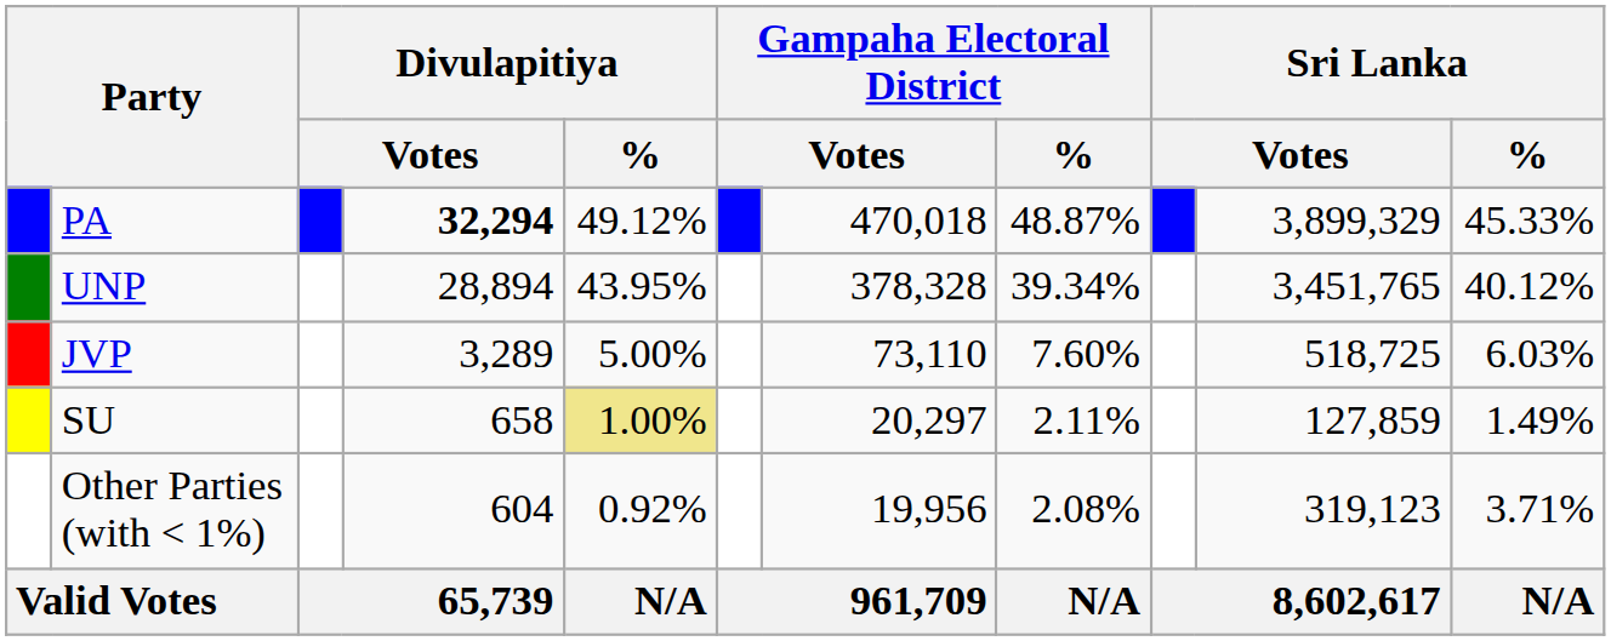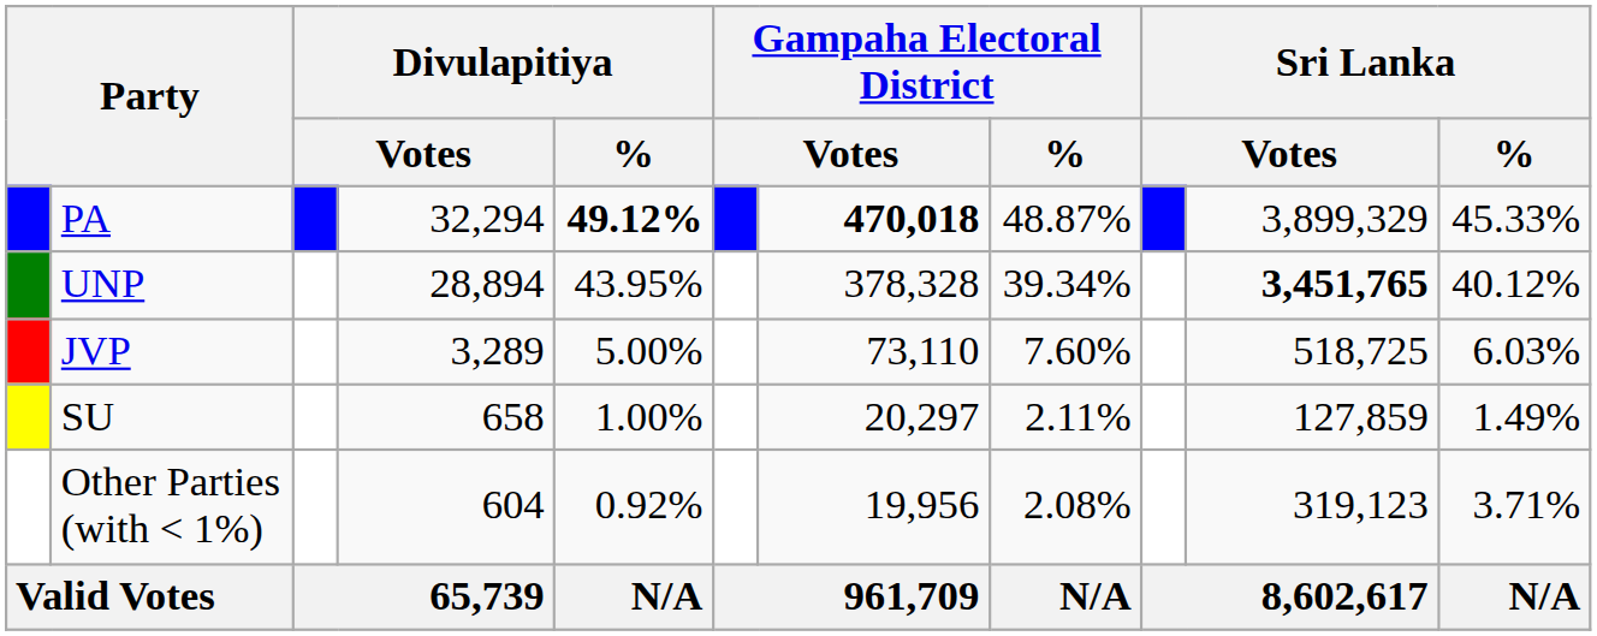 <table class="wikitable">
 <tr>
 <th colspan="2" width="144px"rowspan="2">Party</th>
 <th colspan="3" width="216px">Divulapitiya</th>
 <th colspan="3" width="216px"><a href='#'>Gampaha Electoral District</a></th>
 <th colspan="3" width="216px">Sri Lanka</th>
 </tr>
 <tr>
 <th colspan="2" width="144px">Votes</th>
 <th>%</th>
 <th colspan="2" width="144px">Votes</th>
 <th>%</th>
 <th colspan="2" width="144px">Votes</th>
 <th>%</th>
 </tr>
 <tr>
 <td style="background-color:blue;" width="10px"></td>
 <td style="text-align:left;"><a href='#'>PA</a></td>
 <td style="background-color:blue;" width="10px"></td>
-<td style="text-align:right;"><strong>32,294</strong></td>
-<td style="text-align:right;">49.12%</td>
+<td style="text-align:right;">32,294</td>
+<td style="text-align:right;"><strong>49.12%</strong></td>
 <td style="background-color:blue;" width="10px"></td>
-<td style="text-align:right;">470,018</td>
+<td style="text-align:right;"><strong>470,018</strong></td>
 <td style="text-align:right;">48.87%</td>
 <td style="background-color:blue;" width="10px"></td>
 <td style="text-align:right;">3,899,329</td>
 <td style="text-align:right;">45.33%</td>
 </tr>
 <tr>
 <td style="background-color:green;" width="10px"></td>
 <td style="text-align:left;"><a href='#'>UNP</a></td>
 <td style="background-color:white;" width="10px"></td>
 <td style="text-align:right;">28,894</td>
 <td style="text-align:right;">43.95%</td>
 <td style="background-color:white;" width="10px"></td>
 <td style="text-align:right;">378,328</td>
 <td style="text-align:right;">39.34%</td>
 <td style="background-color:white;" width="10px"></td>
-<td style="text-align:right;">3,451,765</td>
+<td style="text-align:right;"><strong>3,451,765</strong></td>
 <td style="text-align:right;">40.12%</td>
 </tr>
 <tr>
 <td style="background-color:red;" width="10px"></td>
 <td style="text-align:left;"><a href='#'>JVP</a></td>
 <td style="background-color:white;" width="10px"></td>
 <td style="text-align:right;">3,289</td>
 <td style="text-align:right;">5.00%</td>
 <td style="background-color:white;" width="10px"></td>
 <td style="text-align:right;">73,110</td>
 <td style="text-align:right;">7.60%</td>
 <td style="background-color:white;" width="10px"></td>
 <td style="text-align:right;">518,725</td>
 <td style="text-align:right;">6.03%</td>
 </tr>
 <tr>
 <td style="background-color:yellow;" width="10px"></td>
 <td style="text-align:left;">SU</td>
 <td style="background-color:white;" width="10px"></td>
 <td style="text-align:right;">658</td>
-<td style="background: khaki; text-align:right;">1.00%</td>
+<td style="text-align:right;">1.00%</td>
 <td style="background-color:white;" width="10px"></td>
 <td style="text-align:right;">20,297</td>
 <td style="text-align:right;">2.11%</td>
 <td style="background-color:white;" width="10px"></td>
 <td style="text-align:right;">127,859</td>
 <td style="text-align:right;">1.49%</td>
 </tr>
 <tr>
 <td style="background-color:white;" width="10px"></td>
 <td style="text-align:left;">Other Parties (with < 1%)</td>
 <td style="background-color:white;" width="10px"></td>
 <td style="text-align:right;">604</td>
 <td style="text-align:right;">0.92%</td>
 <td style="background-color:white;" width="10px"></td>
 <td style="text-align:right;">19,956</td>
 <td style="text-align:right;">2.08%</td>
 <td style="background-color:white;" width="10px"></td>
 <td style="text-align:right;">319,123</td>
 <td style="text-align:right;">3.71%</td>
 </tr>
 <tr>
 <th colspan="2" width="144px"style="text-align:left;">Valid Votes</th>
 <th style="text-align:right;"colspan="2" width="144px">65,739</th>
 <th style="text-align:right;">N/A</th>
 <th style="text-align:right;"colspan="2" width="144px">961,709</th>
 <th style="text-align:right;">N/A</th>
 <th style="text-align:right;"colspan="2" width="144px">8,602,617</th>
 <th style="text-align:right;">N/A</th>
 </tr>
 </table>
